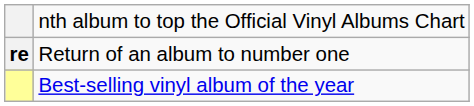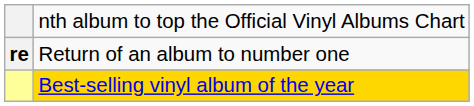 <table class="wikitable plainrowheaders sortable" style="font-size:90%;">
 <tr>
 <th scope=col></th>
 <td>nth album to top the Official Vinyl Albums Chart</td>
 </tr>
 <tr>
 <th scope=row style="text-align:center;">re</th>
 <td>Return of an album to number one</td>
 </tr>
 <tr>
 <td bgcolor=#FFFF99 align=center></td>
-<td><a href='#'>Best-selling vinyl album of the year</a></td>
+<td style="background: gold;"><a href='#'>Best-selling vinyl album of the year</a></td>
 </tr>
 </table>
